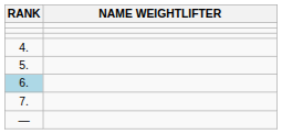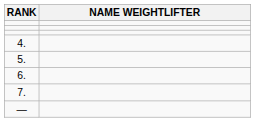 <table class="wikitable" style="font-size:95%;">
 <tr>
 <th>RANK</th>
 <th align="left" style="width: 20em">NAME WEIGHTLIFTER</th>
 </tr>
 <tr>
 <td align="center"></td>
 <td></td>
 </tr>
 <tr>
 <td align="center"></td>
 <td></td>
 </tr>
 <tr>
 <td align="center"></td>
 <td></td>
 </tr>
 <tr>
 <td align="center">4.</td>
 <td></td>
 </tr>
 <tr>
 <td align="center">5.</td>
 <td></td>
 </tr>
 <tr>
-<td align="center" style="background: lightblue;">6.</td>
+<td align="center">6.</td>
 <td></td>
 </tr>
 <tr>
 <td align="center">7.</td>
 <td></td>
 </tr>
 <tr>
 <td align="center">—</td>
 <td></td>
 </tr>
 </table>
